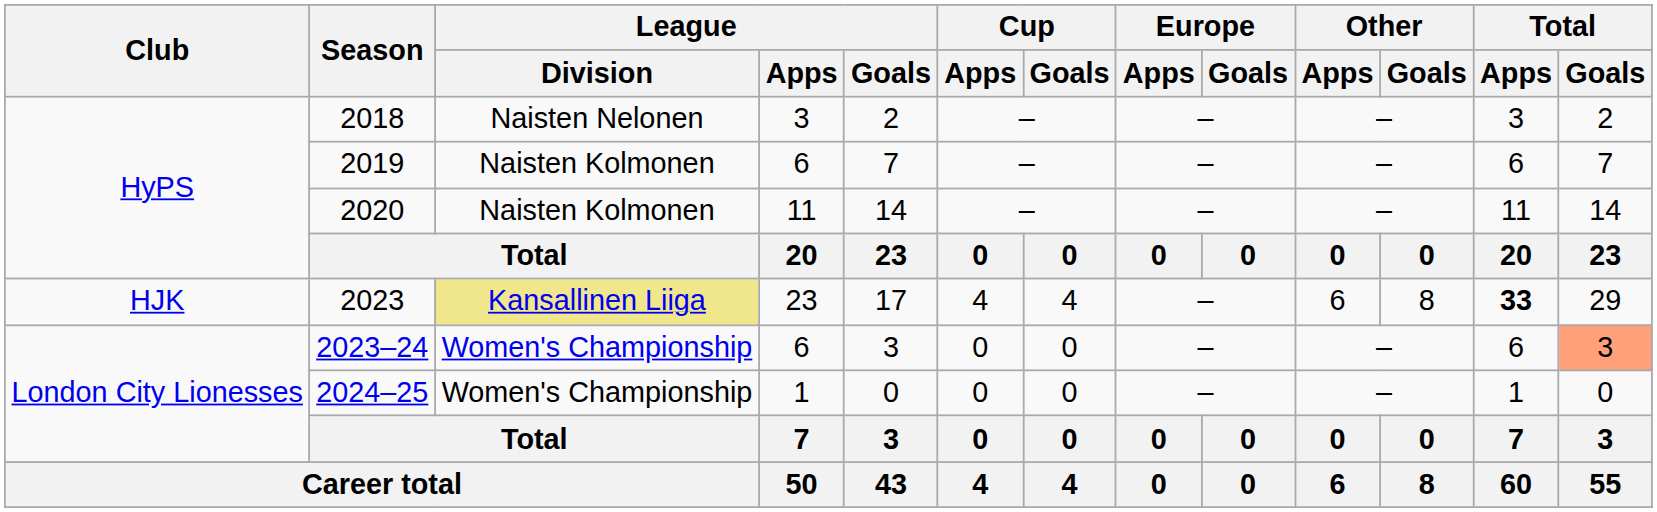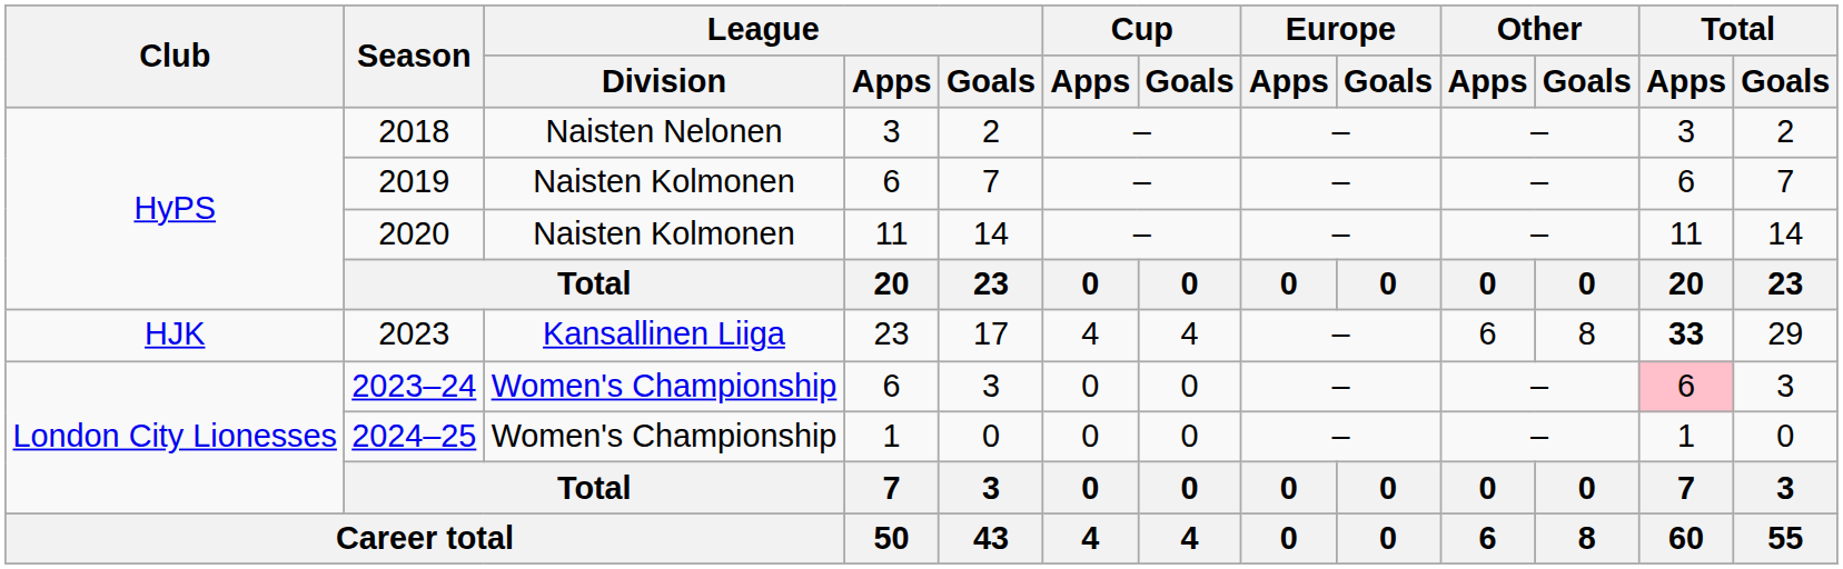 <table class="wikitable" style="text-align:center">
 <tr>
 <th rowspan="2">Club</th>
 <th rowspan="2">Season</th>
 <th colspan="3">League</th>
 <th colspan="2">Cup</th>
 <th colspan="2">Europe</th>
 <th colspan="2">Other</th>
 <th colspan="2">Total</th>
 </tr>
 <tr>
 <th>Division</th>
 <th>Apps</th>
 <th>Goals</th>
 <th>Apps</th>
 <th>Goals</th>
 <th>Apps</th>
 <th>Goals</th>
 <th>Apps</th>
 <th>Goals</th>
 <th>Apps</th>
 <th>Goals</th>
 </tr>
 <tr>
 <td rowspan=4><a href='#'>HyPS</a></td>
 <td>2018</td>
 <td>Naisten Nelonen</td>
 <td>3</td>
 <td>2</td>
 <td colspan=2>–</td>
 <td colspan=2>–</td>
 <td colspan=2>–</td>
 <td>3</td>
 <td>2</td>
 </tr>
 <tr>
 <td>2019</td>
 <td>Naisten Kolmonen</td>
 <td>6</td>
 <td>7</td>
 <td colspan=2>–</td>
 <td colspan=2>–</td>
 <td colspan=2>–</td>
 <td>6</td>
 <td>7</td>
 </tr>
 <tr>
 <td>2020</td>
 <td>Naisten Kolmonen</td>
 <td>11</td>
 <td>14</td>
 <td colspan=2>–</td>
 <td colspan=2>–</td>
 <td colspan=2>–</td>
 <td>11</td>
 <td>14</td>
 </tr>
 <tr>
 <th colspan="2">Total</th>
 <th>20</th>
 <th>23</th>
 <th>0</th>
 <th>0</th>
 <th>0</th>
 <th>0</th>
 <th>0</th>
 <th>0</th>
 <th>20</th>
 <th>23</th>
 </tr>
 <tr>
 <td><a href='#'>HJK</a></td>
 <td>2023</td>
-<td style="background: khaki;"><a href='#'>Kansallinen Liiga</a></td>
+<td><a href='#'>Kansallinen Liiga</a></td>
 <td>23</td>
 <td>17</td>
 <td>4</td>
 <td>4</td>
 <td colspan=2>–</td>
 <td>6</td>
 <td>8</td>
 <td><strong>33</strong></td>
 <td>29</td>
 </tr>
 <tr>
 <td rowspan=3><a href='#'>London City Lionesses</a></td>
 <td><a href='#'>2023–24</a></td>
 <td><a href='#'>Women's Championship</a></td>
 <td>6</td>
 <td>3</td>
 <td>0</td>
 <td>0</td>
 <td colspan=2>–</td>
 <td colspan=2>–</td>
-<td>6</td>
-<td style="background: lightsalmon;">3</td>
+<td style="background: pink;">6</td>
+<td>3</td>
 </tr>
 <tr>
 <td><a href='#'>2024–25</a></td>
 <td>Women's Championship</td>
 <td>1</td>
 <td>0</td>
 <td>0</td>
 <td>0</td>
 <td colspan=2>–</td>
 <td colspan=2>–</td>
 <td>1</td>
 <td>0</td>
 </tr>
 <tr>
 <th colspan=2>Total</th>
 <th>7</th>
 <th>3</th>
 <th>0</th>
 <th>0</th>
 <th>0</th>
 <th>0</th>
 <th>0</th>
 <th>0</th>
 <th>7</th>
 <th>3</th>
 </tr>
 <tr>
 <th colspan="3">Career total</th>
 <th>50</th>
 <th>43</th>
 <th>4</th>
 <th>4</th>
 <th>0</th>
 <th>0</th>
 <th>6</th>
 <th>8</th>
 <th>60</th>
 <th>55</th>
 </tr>
 </table>
